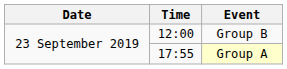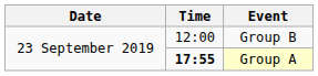 <table class = "wikitable" style="text-align:center;">
 <tr>
 <th width=150>Date</th>
 <th width=50>Time</th>
 <th width=80>Event</th>
 </tr>
 <tr>
 <td rowspan=2>23 September 2019</td>
 <td>12:00</td>
 <td>Group B</td>
 </tr>
 <tr>
-<td>17:55</td>
+<td><strong>17:55</strong></td>
 <td bgcolor="ffffcc">Group A</td>
 </tr>
 </table>
